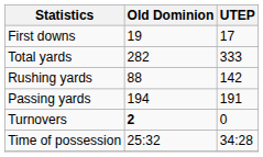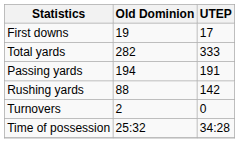 <table class="wikitable">
 <tr>
 <th>Statistics</th>
 <th>Old Dominion</th>
 <th>UTEP</th>
 </tr>
 <tr>
 <td>First downs</td>
 <td>19</td>
 <td>17</td>
 </tr>
 <tr>
 <td>Total yards</td>
 <td>282</td>
 <td>333</td>
 </tr>
 <tr>
+<td>Passing yards</td>
+<td>194</td>
+<td>191</td>
+</tr>
+<tr>
 <td>Rushing yards</td>
 <td>88</td>
 <td>142</td>
 </tr>
 <tr>
-<td>Passing yards</td>
-<td>194</td>
-<td>191</td>
-</tr>
-<tr>
 <td>Turnovers</td>
-<td><strong>2</strong></td>
+<td>2</td>
 <td>0</td>
 </tr>
 <tr>
 <td>Time of possession</td>
 <td>25:32</td>
 <td>34:28</td>
 </tr>
 <tr>
 </tr>
 </table>
